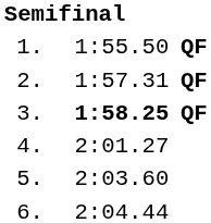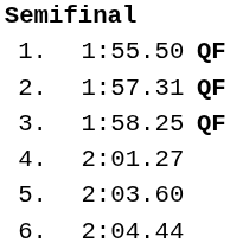 <table style="text-align:center">
 <tr>
 <td colspan=4 align=left><strong>Semifinal</strong></td>
 </tr>
 <tr>
 <td width=30>1.</td>
 <td align=left></td>
 <td width=60>1:55.50</td>
 <td><strong>QF</strong></td>
 </tr>
 <tr>
 <td>2.</td>
 <td align=left></td>
 <td>1:57.31</td>
 <td><strong>QF</strong></td>
 </tr>
 <tr>
 <td>3.</td>
 <td align=left></td>
-<td><strong>1:58.25</strong></td>
+<td>1:58.25</td>
 <td><strong>QF</strong></td>
 </tr>
 <tr>
 <td>4.</td>
 <td align=left></td>
 <td>2:01.27</td>
 <td></td>
 </tr>
 <tr>
 <td>5.</td>
 <td align=left></td>
 <td>2:03.60</td>
 <td></td>
 </tr>
 <tr>
 <td>6.</td>
 <td align=left></td>
 <td>2:04.44</td>
 <td></td>
 </tr>
 </table>
